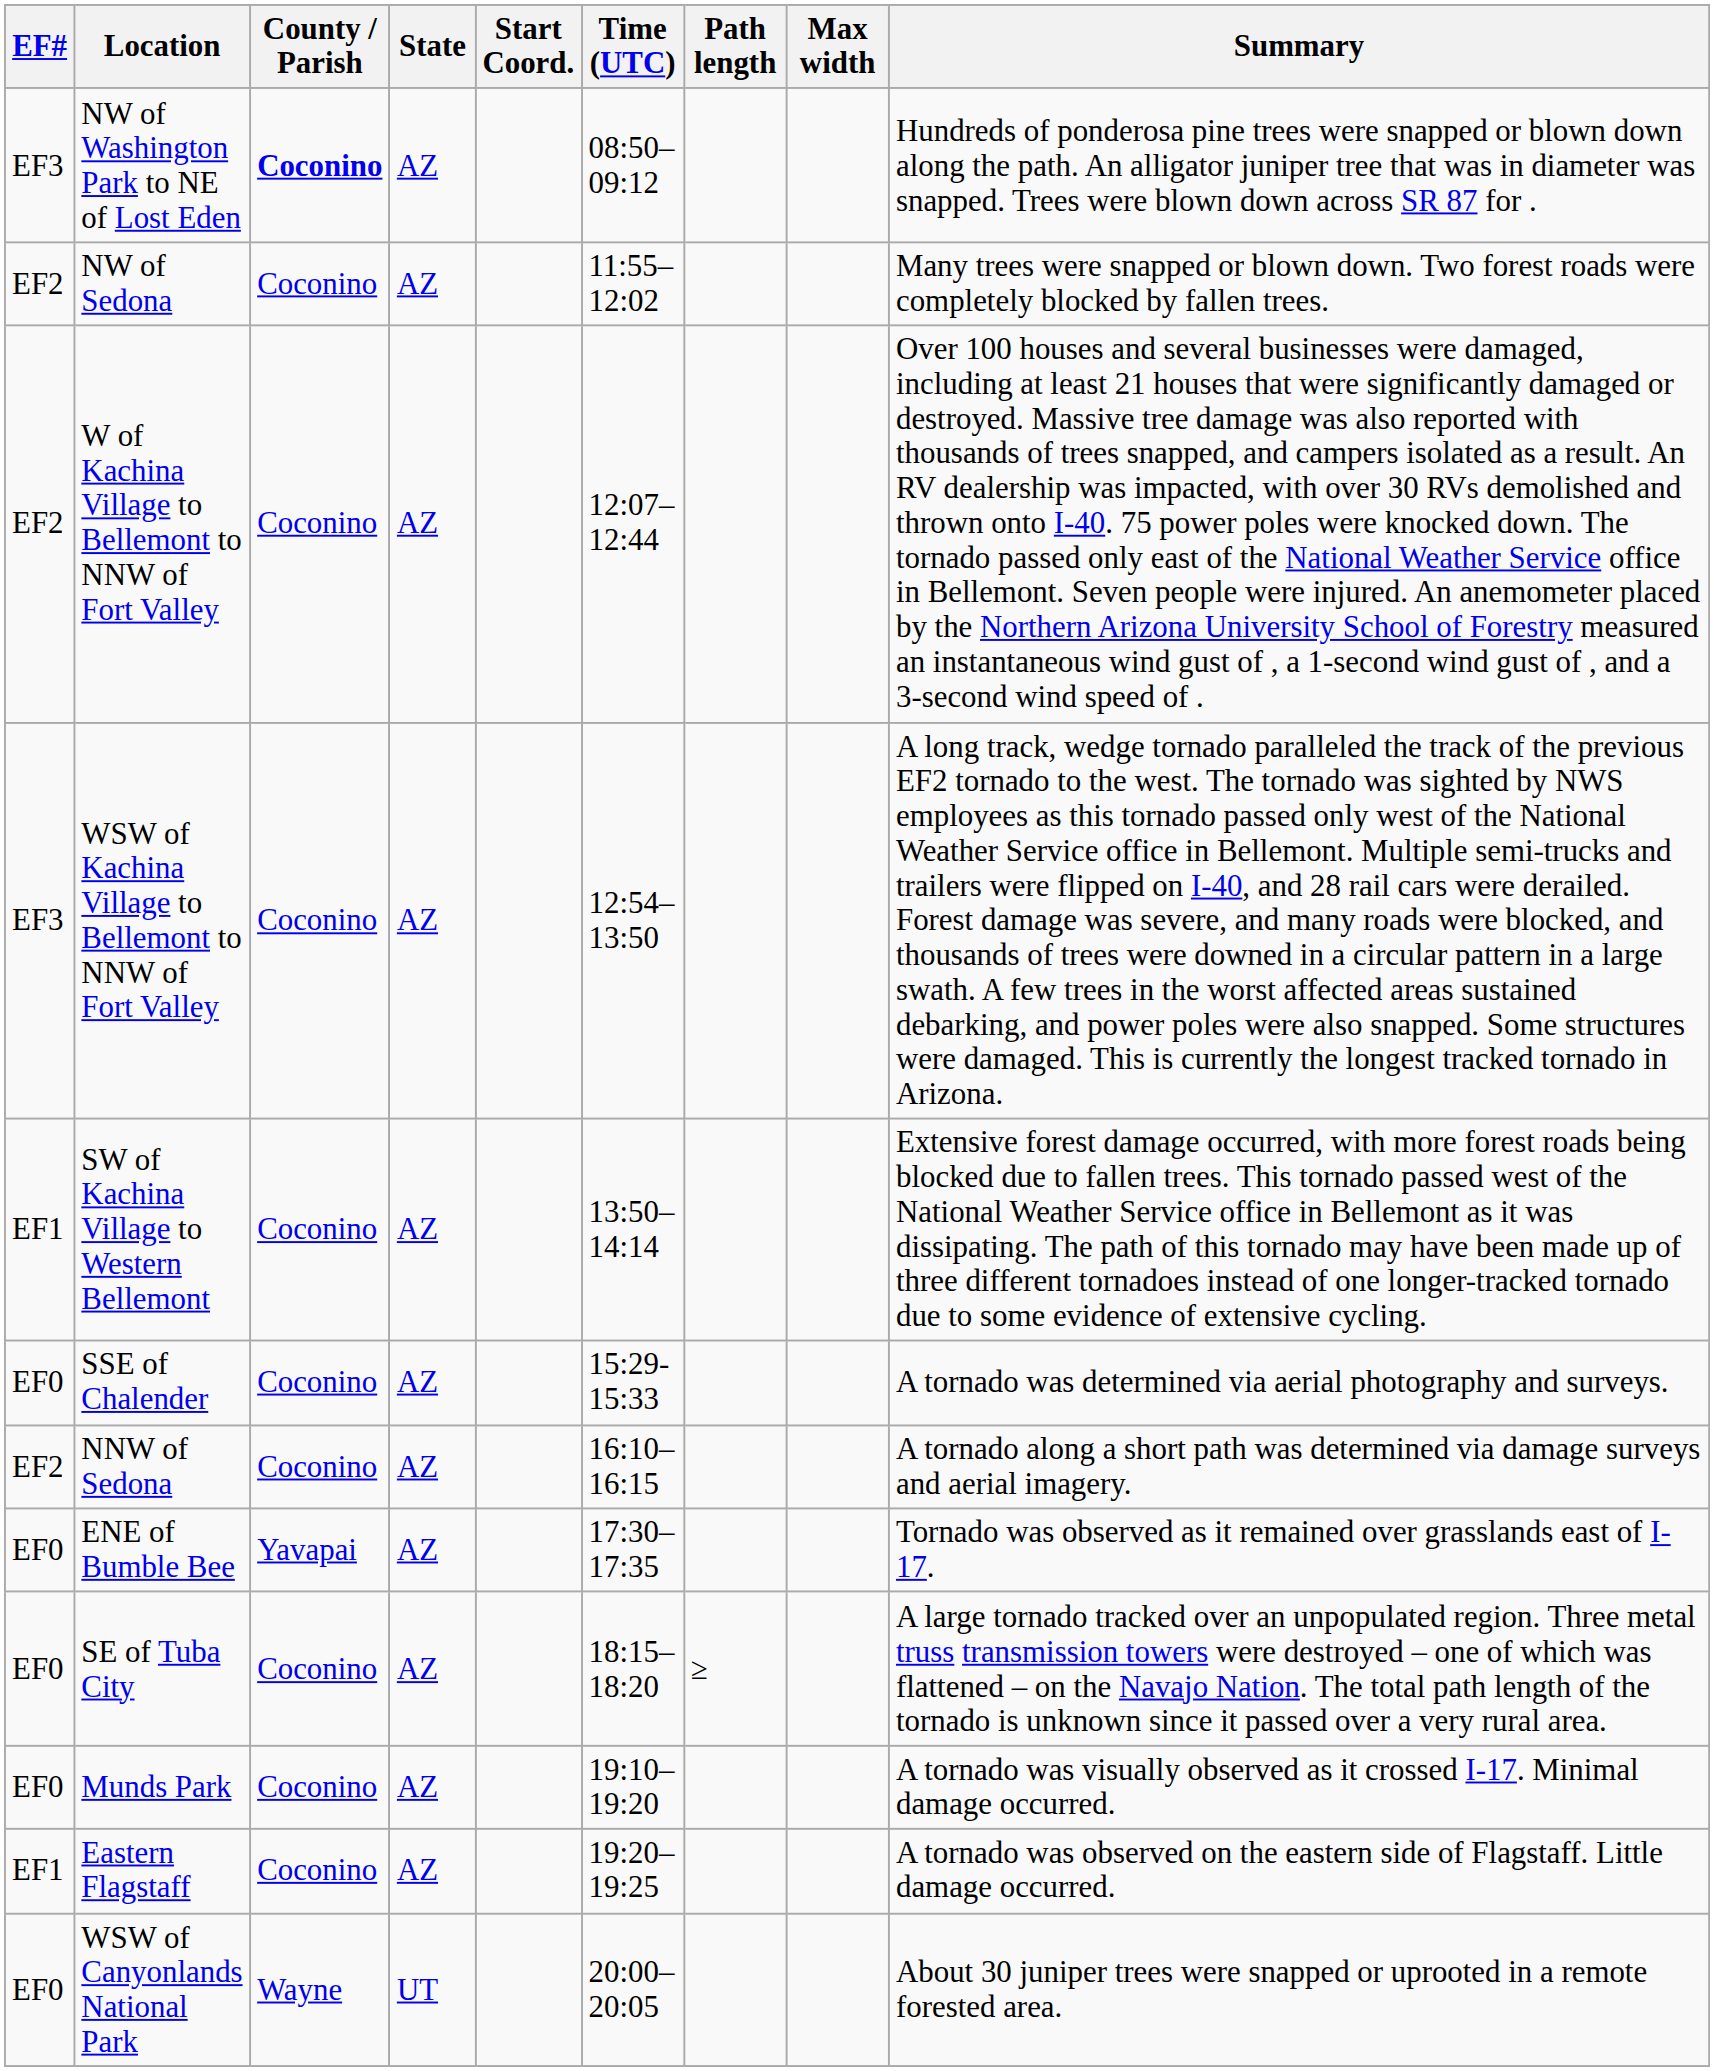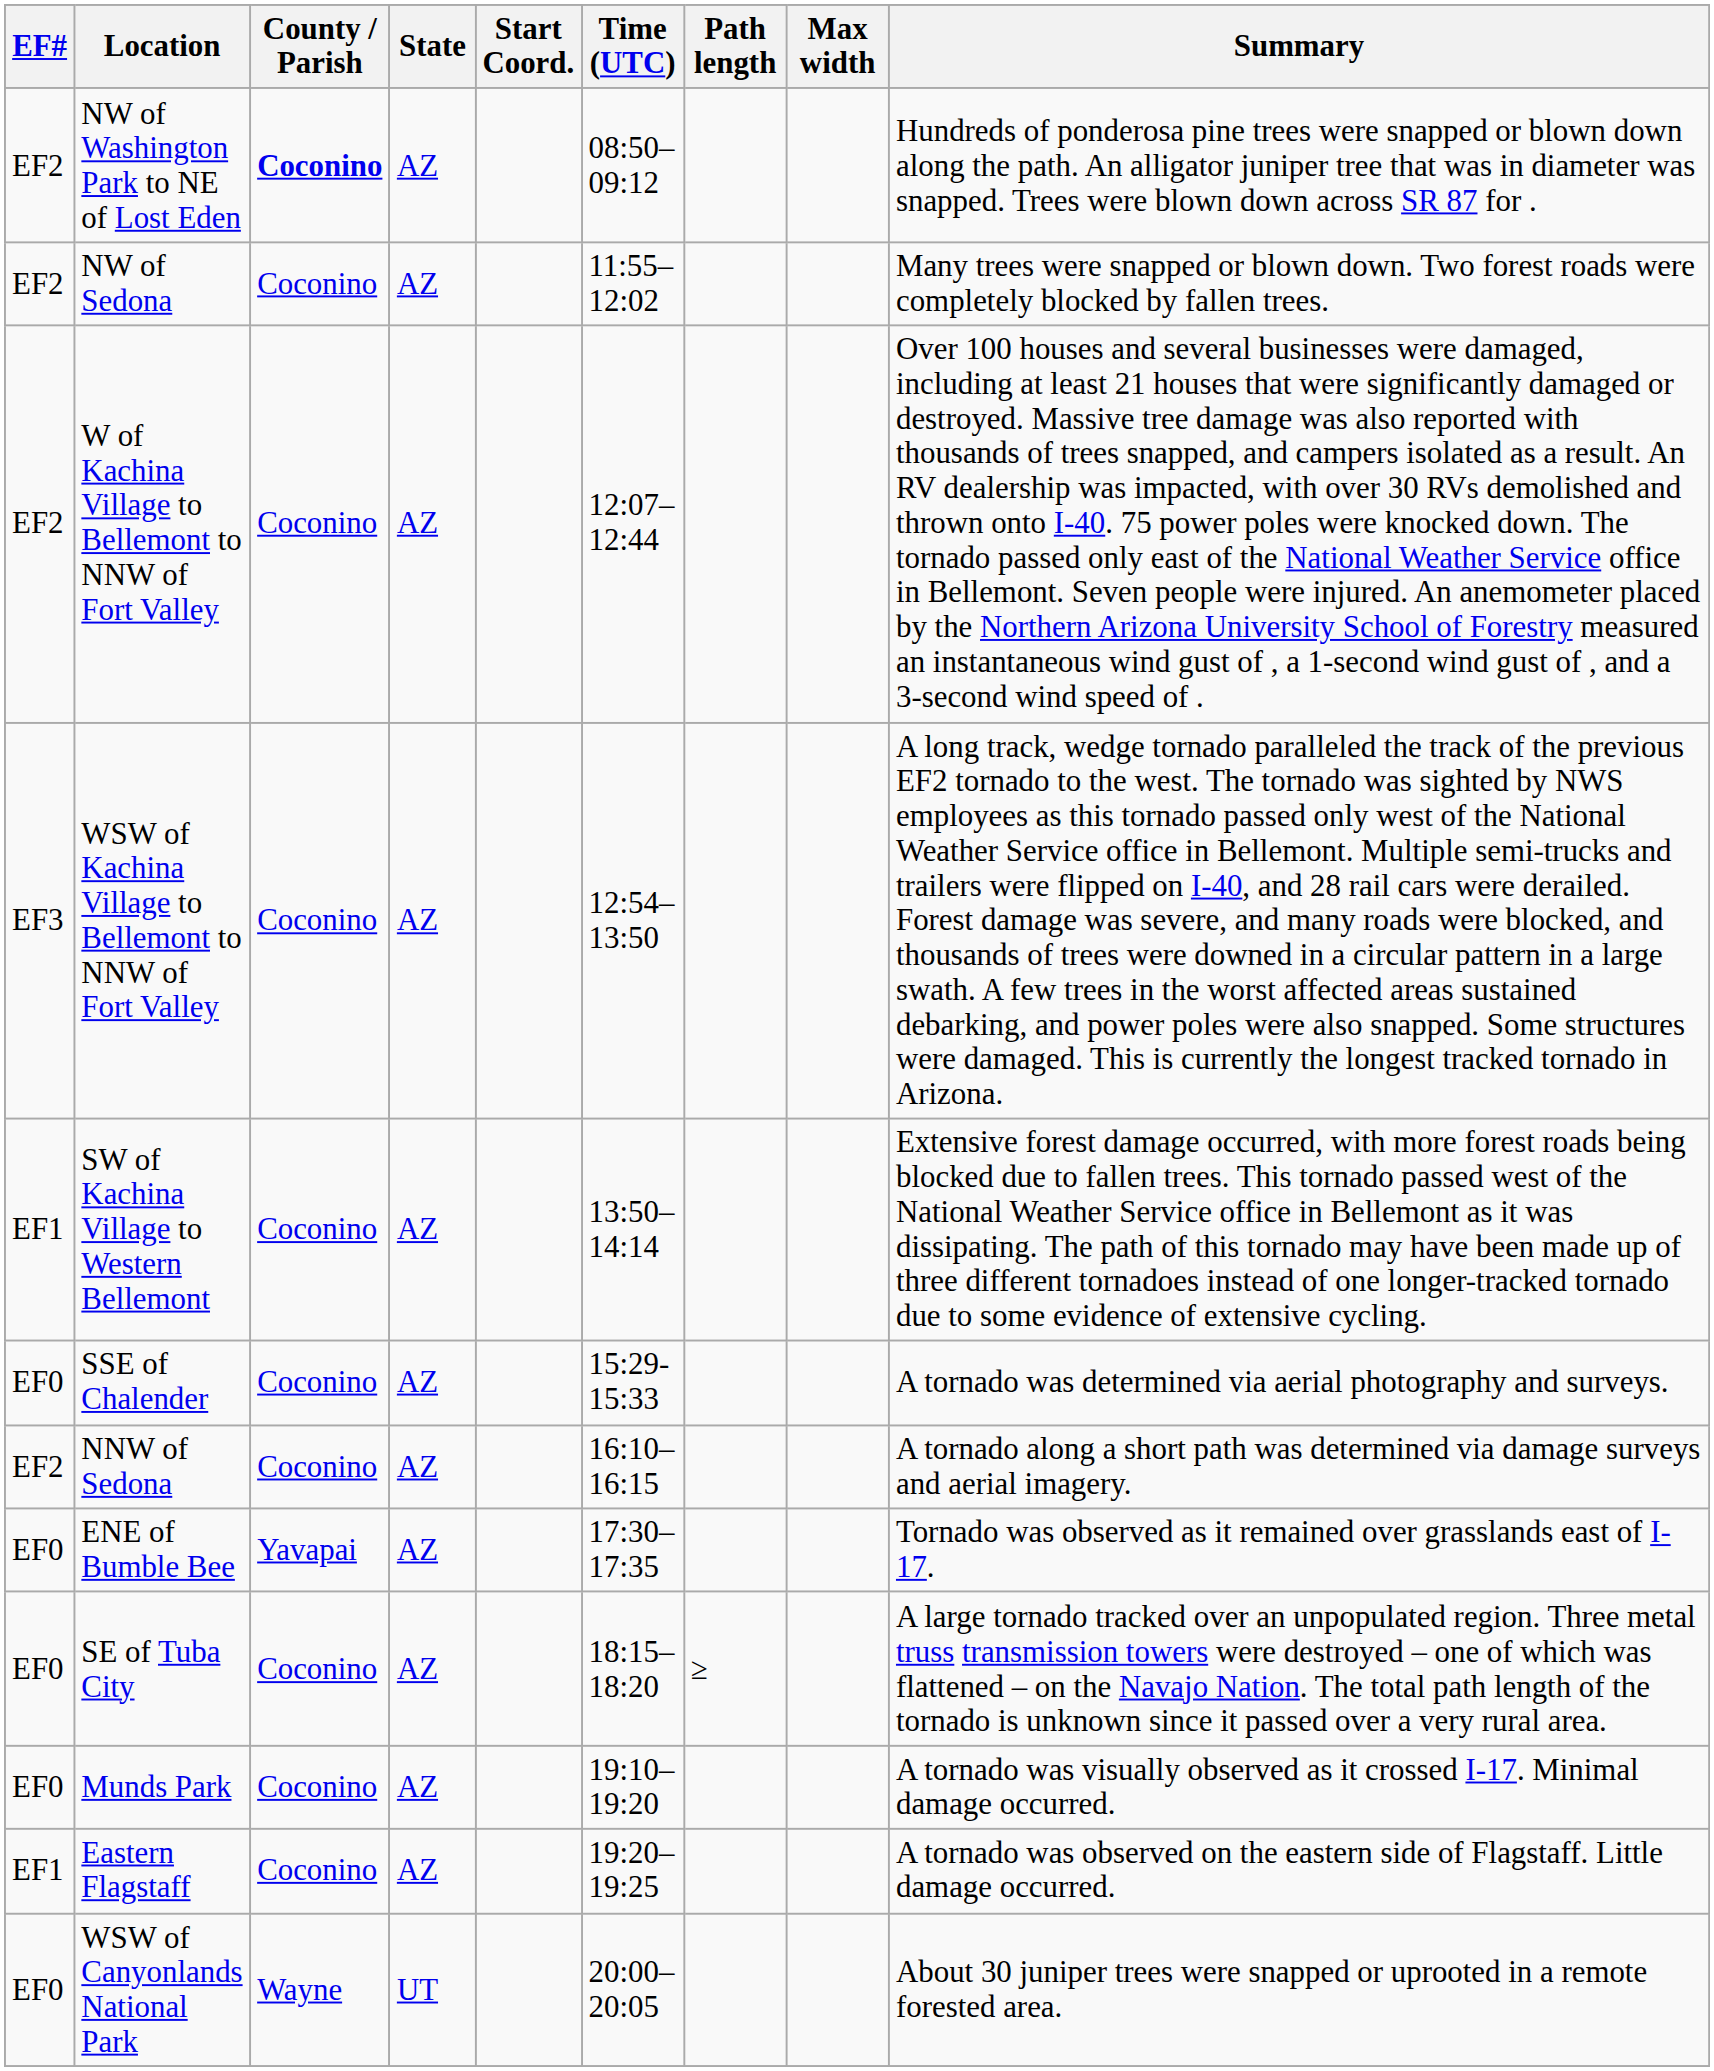 <table class="wikitable sortable" style="width:100%;">
 <tr>
 <th scope="col"  style="width:3%; text-align:center;"><a href='#'>EF#</a></th>
 <th scope="col"  style="width:7%; text-align:center;" class="unsortable">Location</th>
 <th scope="col"  style="width:6%; text-align:center;" class="unsortable">County / Parish</th>
 <th scope="col"  style="width:5%; text-align:center;">State</th>
 <th scope="col"  style="width:6%; text-align:center;">Start Coord.</th>
 <th scope="col"  style="width:6%; text-align:center;">Time (<a href='#'>UTC</a>)</th>
 <th scope="col"  style="width:6%; text-align:center;">Path length</th>
 <th scope="col"  style="width:6%; text-align:center;">Max width</th>
 <th scope="col" class="unsortable" style="width:48%; text-align:center;">Summary</th>
 </tr>
 <tr>
-<td>EF3</td>
+<td>EF2</td>
 <td>NW of <a href='#'>Washington Park</a> to NE of <a href='#'>Lost Eden</a></td>
 <td><strong><a href='#'>Coconino</a></strong></td>
 <td><a href='#'>AZ</a></td>
 <td></td>
 <td>08:50–09:12</td>
 <td></td>
 <td></td>
 <td>Hundreds of ponderosa pine trees were snapped or blown down along the path. An alligator juniper tree that was  in diameter was snapped. Trees were blown down across <a href='#'>SR 87</a> for .</td>
 </tr>
 <tr>
 <td>EF2</td>
 <td>NW of <a href='#'>Sedona</a></td>
 <td><a href='#'>Coconino</a></td>
 <td><a href='#'>AZ</a></td>
 <td></td>
 <td>11:55–12:02</td>
 <td></td>
 <td></td>
 <td>Many trees were snapped or blown down. Two forest roads were completely blocked by fallen trees.</td>
 </tr>
 <tr>
 <td>EF2</td>
 <td>W of <a href='#'>Kachina Village</a> to <a href='#'>Bellemont</a> to NNW of <a href='#'>Fort Valley</a></td>
 <td><a href='#'>Coconino</a></td>
 <td><a href='#'>AZ</a></td>
 <td></td>
 <td>12:07–12:44</td>
 <td></td>
 <td></td>
 <td>Over 100 houses and several businesses were damaged, including at least 21 houses that were significantly damaged or destroyed. Massive tree damage was also reported with thousands of trees snapped, and campers isolated as a result. An RV dealership was impacted, with over 30 RVs demolished and thrown onto <a href='#'>I-40</a>. 75 power poles were knocked down. The tornado passed only  east of the <a href='#'>National Weather Service</a> office in Bellemont. Seven people were injured. An anemometer placed by the <a href='#'>Northern Arizona University School of Forestry</a> measured an instantaneous wind gust of , a 1-second wind gust of , and a 3-second wind speed of .</td>
 </tr>
 <tr>
 <td>EF3</td>
 <td>WSW of <a href='#'>Kachina Village</a> to <a href='#'>Bellemont</a> to NNW of <a href='#'>Fort Valley</a></td>
 <td><a href='#'>Coconino</a></td>
 <td><a href='#'>AZ</a></td>
 <td></td>
 <td>12:54–13:50</td>
 <td></td>
 <td></td>
 <td>A long track, wedge tornado paralleled the track of the previous EF2 tornado  to the west. The tornado was sighted by NWS employees as this tornado passed only  west of the National Weather Service office in Bellemont. Multiple semi-trucks and trailers were flipped on <a href='#'>I-40</a>, and 28 rail cars were derailed. Forest damage was severe, and many roads were blocked, and thousands of trees were downed in a circular pattern in a large swath. A few trees in the worst affected areas sustained debarking, and power poles were also snapped. Some structures were damaged. This is currently the longest tracked tornado in Arizona.</td>
 </tr>
 <tr>
 <td>EF1</td>
 <td>SW of <a href='#'>Kachina Village</a> to <a href='#'>Western Bellemont</a></td>
 <td><a href='#'>Coconino</a></td>
 <td><a href='#'>AZ</a></td>
 <td></td>
 <td>13:50–14:14</td>
 <td></td>
 <td></td>
 <td>Extensive forest damage occurred, with more forest roads being blocked due to fallen trees. This tornado passed  west of the National Weather Service office in Bellemont as it was dissipating. The path of this tornado may have been made up of three different tornadoes instead of one longer-tracked tornado due to some evidence of extensive cycling.</td>
 </tr>
 <tr>
 <td>EF0</td>
 <td>SSE of <a href='#'>Chalender</a></td>
 <td><a href='#'>Coconino</a></td>
 <td><a href='#'>AZ</a></td>
 <td></td>
 <td>15:29-15:33</td>
 <td></td>
 <td></td>
 <td>A tornado was determined via aerial photography and surveys.</td>
 </tr>
 <tr>
 <td>EF2</td>
 <td>NNW of <a href='#'>Sedona</a></td>
 <td><a href='#'>Coconino</a></td>
 <td><a href='#'>AZ</a></td>
 <td></td>
 <td>16:10–16:15</td>
 <td></td>
 <td></td>
 <td>A tornado along a short path was determined via damage surveys and aerial imagery.</td>
 </tr>
 <tr>
 <td>EF0</td>
 <td>ENE of <a href='#'>Bumble Bee</a></td>
 <td><a href='#'>Yavapai</a></td>
 <td><a href='#'>AZ</a></td>
 <td></td>
 <td>17:30–17:35</td>
 <td></td>
 <td></td>
 <td>Tornado was observed as it remained over grasslands east of <a href='#'>I-17</a>.</td>
 </tr>
 <tr>
 <td>EF0</td>
 <td>SE of <a href='#'>Tuba City</a></td>
 <td><a href='#'>Coconino</a></td>
 <td><a href='#'>AZ</a></td>
 <td></td>
 <td>18:15–18:20</td>
 <td>≥</td>
 <td></td>
 <td>A large tornado tracked over an unpopulated region. Three metal <a href='#'>truss</a> <a href='#'>transmission towers</a> were destroyed – one of which was flattened – on the <a href='#'>Navajo Nation</a>. The total path length of the tornado is unknown since it passed over a very rural area.</td>
 </tr>
 <tr>
 <td>EF0</td>
 <td><a href='#'>Munds Park</a></td>
 <td><a href='#'>Coconino</a></td>
 <td><a href='#'>AZ</a></td>
 <td></td>
 <td>19:10–19:20</td>
 <td></td>
 <td></td>
 <td>A tornado was visually observed as it crossed <a href='#'>I-17</a>. Minimal damage occurred.</td>
 </tr>
 <tr>
 <td>EF1</td>
 <td><a href='#'>Eastern Flagstaff</a></td>
 <td><a href='#'>Coconino</a></td>
 <td><a href='#'>AZ</a></td>
 <td></td>
 <td>19:20–19:25</td>
 <td></td>
 <td></td>
 <td>A tornado was observed on the eastern side of Flagstaff. Little damage occurred.</td>
 </tr>
 <tr>
 <td>EF0</td>
 <td>WSW of <a href='#'>Canyonlands National Park</a></td>
 <td><a href='#'>Wayne</a></td>
 <td><a href='#'>UT</a></td>
 <td></td>
 <td>20:00–20:05</td>
 <td></td>
 <td></td>
 <td>About 30 juniper trees were snapped or uprooted in a remote forested area.</td>
 </tr>
 <tr>
 </tr>
 </table>
